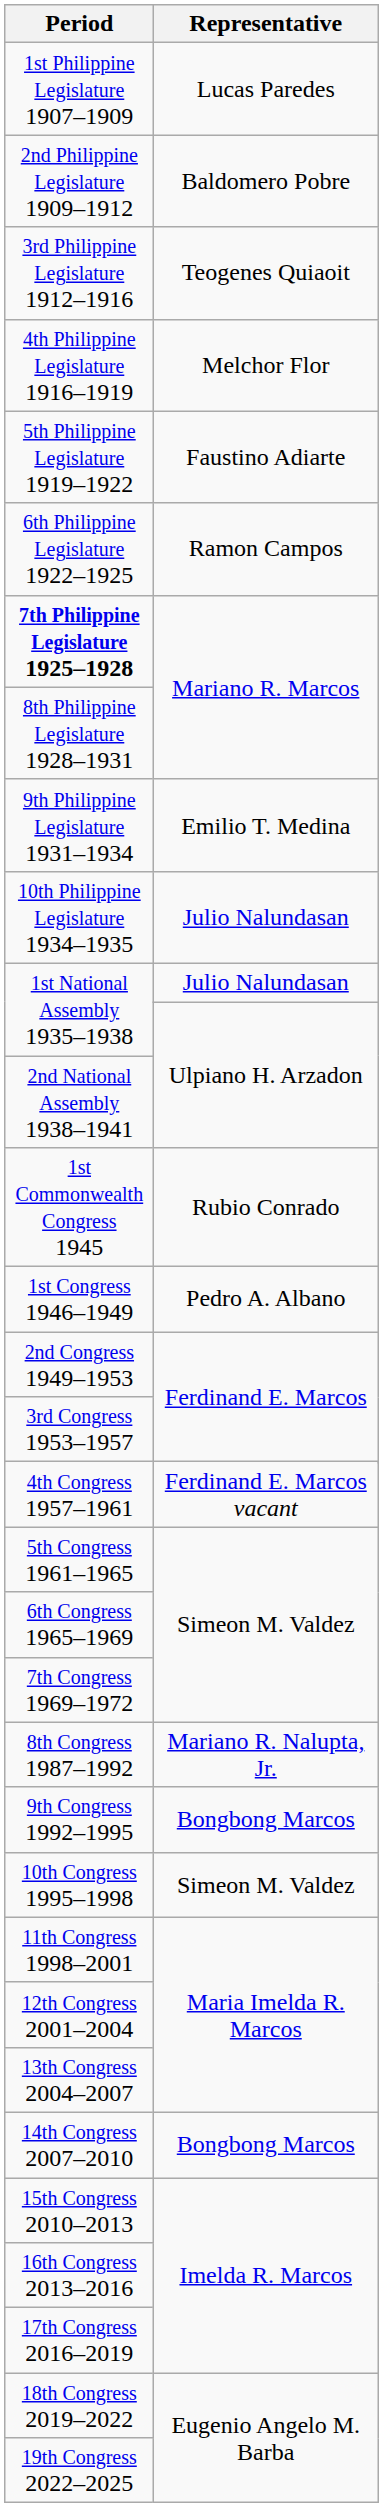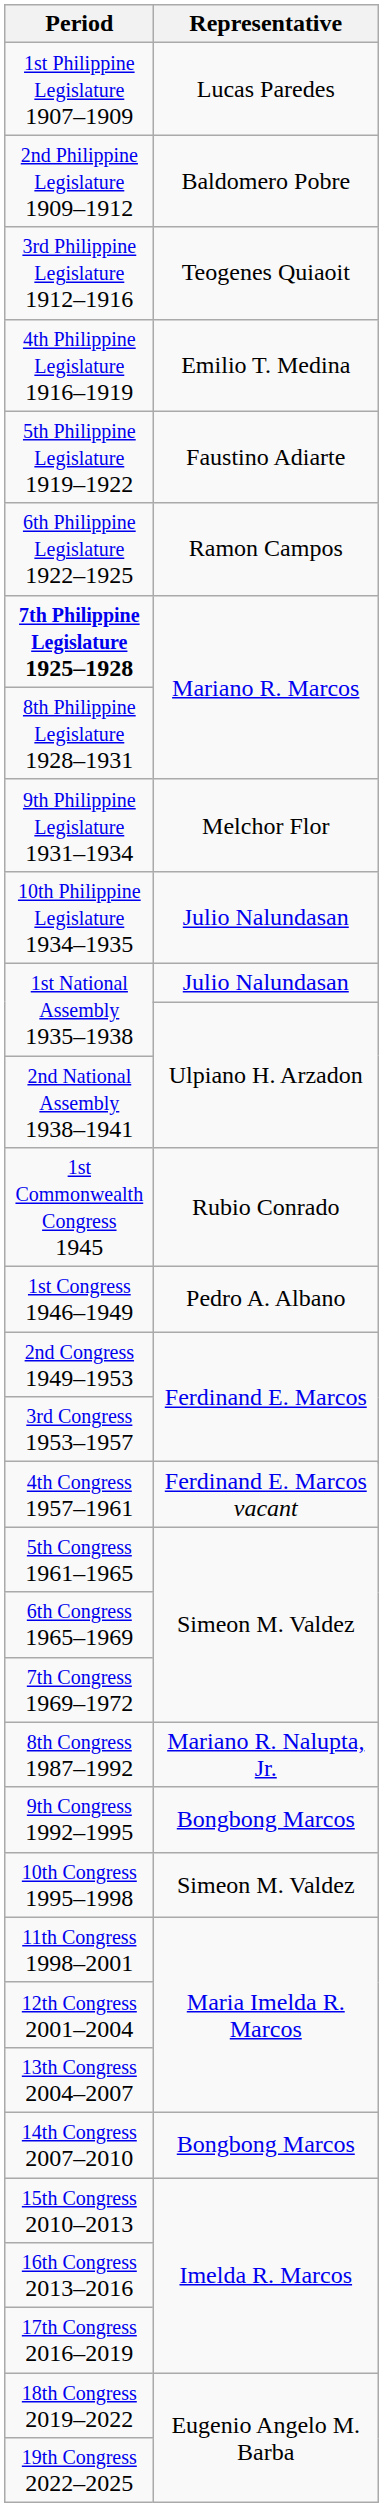 <table class="wikitable" style="text-align:center; width:40%;">
 <tr>
 <th width="40%">Period</th>
 <th>Representative</th>
 </tr>
 <tr>
 <td><small><a href='#'>1st Philippine Legislature</a></small><br>1907–1909</td>
 <td>Lucas Paredes</td>
 </tr>
 <tr>
 <td><small><a href='#'>2nd Philippine Legislature</a></small><br>1909–1912</td>
 <td>Baldomero Pobre</td>
 </tr>
 <tr>
 <td><small><a href='#'>3rd Philippine Legislature</a></small><br>1912–1916</td>
 <td>Teogenes Quiaoit</td>
 </tr>
 <tr>
 <td><small><a href='#'>4th Philippine Legislature</a></small><br>1916–1919</td>
-<td>Melchor Flor</td>
+<td>Emilio T. Medina</td>
 </tr>
 <tr>
 <td><small><a href='#'>5th Philippine Legislature</a></small><br>1919–1922</td>
 <td>Faustino Adiarte</td>
 </tr>
 <tr>
 <td><small><a href='#'>6th Philippine Legislature</a></small><br>1922–1925</td>
 <td>Ramon Campos</td>
 </tr>
 <tr>
 <td><strong><small><a href='#'>7th Philippine Legislature</a></small><br>1925–1928</strong></td>
 <td rowspan="2"><a href='#'>Mariano R. Marcos</a></td>
 </tr>
 <tr>
 <td><small><a href='#'>8th Philippine Legislature</a></small><br>1928–1931</td>
 </tr>
 <tr>
 <td><small><a href='#'>9th Philippine Legislature</a></small><br>1931–1934</td>
-<td>Emilio T. Medina</td>
+<td>Melchor Flor</td>
 </tr>
 <tr>
 <td><small><a href='#'>10th Philippine Legislature</a></small><br>1934–1935</td>
 <td><a href='#'>Julio Nalundasan</a></td>
 </tr>
 <tr>
 <td rowspan="2"><small><a href='#'>1st National Assembly</a></small><br>1935–1938</td>
 <td><a href='#'>Julio Nalundasan</a></td>
 </tr>
 <tr>
 <td rowspan="2">Ulpiano H. Arzadon</td>
 </tr>
 <tr>
 <td><small><a href='#'>2nd National Assembly</a></small><br>1938–1941</td>
 </tr>
 <tr>
 <td><small><a href='#'>1st Commonwealth Congress</a></small><br>1945</td>
 <td>Rubio Conrado</td>
 </tr>
 <tr>
 <td><small><a href='#'>1st Congress</a></small><br>1946–1949</td>
 <td>Pedro A. Albano</td>
 </tr>
 <tr>
 <td><small><a href='#'>2nd Congress</a></small><br>1949–1953</td>
 <td rowspan="3"><a href='#'>Ferdinand E. Marcos</a></td>
 </tr>
 <tr>
 <td><small><a href='#'>3rd Congress</a></small><br>1953–1957</td>
 </tr>
 <tr>
 <td rowspan="2"><small><a href='#'>4th Congress</a></small><br>1957–1961</td>
 </tr>
 <tr>
 <td><a href='#'>Ferdinand E. Marcos</a><br><em>vacant</em></td>
 </tr>
 <tr>
 <td><small><a href='#'>5th Congress</a></small><br>1961–1965</td>
 <td rowspan="3">Simeon M. Valdez</td>
 </tr>
 <tr>
 <td><small><a href='#'>6th Congress</a></small><br>1965–1969</td>
 </tr>
 <tr>
 <td><small><a href='#'>7th Congress</a></small><br>1969–1972</td>
 </tr>
 <tr>
 <td><small><a href='#'>8th Congress</a></small><br>1987–1992</td>
 <td><a href='#'>Mariano R. Nalupta, Jr.</a></td>
 </tr>
 <tr>
 <td><small><a href='#'>9th Congress</a></small><br>1992–1995</td>
 <td><a href='#'>Bongbong Marcos</a></td>
 </tr>
 <tr>
 <td><small><a href='#'>10th Congress</a></small><br>1995–1998</td>
 <td>Simeon M. Valdez</td>
 </tr>
 <tr>
 <td><small><a href='#'>11th Congress</a></small><br>1998–2001</td>
 <td rowspan="3"><a href='#'>Maria Imelda R. Marcos</a></td>
 </tr>
 <tr>
 <td><small><a href='#'>12th Congress</a></small><br>2001–2004</td>
 </tr>
 <tr>
 <td><small><a href='#'>13th Congress</a></small><br>2004–2007</td>
 </tr>
 <tr>
 <td><small><a href='#'>14th Congress</a></small><br>2007–2010</td>
 <td><a href='#'>Bongbong Marcos</a></td>
 </tr>
 <tr>
 <td><small><a href='#'>15th Congress</a></small><br>2010–2013</td>
 <td rowspan="3"><a href='#'>Imelda R. Marcos</a></td>
 </tr>
 <tr>
 <td><small><a href='#'>16th Congress</a></small><br>2013–2016</td>
 </tr>
 <tr>
 <td><small><a href='#'>17th Congress</a></small><br>2016–2019</td>
 </tr>
 <tr>
 <td><small><a href='#'>18th Congress</a></small><br>2019–2022</td>
 <td rowspan="2">Eugenio Angelo M. Barba</td>
 </tr>
 <tr>
 <td><small><a href='#'>19th Congress</a></small><br>2022–2025</td>
 </tr>
 </table>
